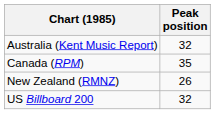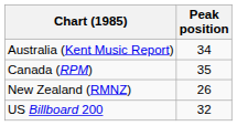 <table class="wikitable">
 <tr>
 <th scope="col">Chart (1985)</th>
 <th>Peak<br>position</th>
 </tr>
 <tr>
 <td>Australia (<a href='#'>Kent Music Report</a>)</td>
-<td style="text-align:center;">32</td>
+<td style="text-align:center;">34</td>
 </tr>
 <tr>
 <td>Canada (<em><a href='#'>RPM</a></em>)</td>
 <td style="text-align:center;">35</td>
 </tr>
 <tr>
 <td>New Zealand (<a href='#'>RMNZ</a>)</td>
 <td style="text-align:center;">26</td>
 </tr>
 <tr>
 <td>US <a href='#'><em>Billboard</em> 200</a></td>
 <td style="text-align:center;">32</td>
 </tr>
 </table>
